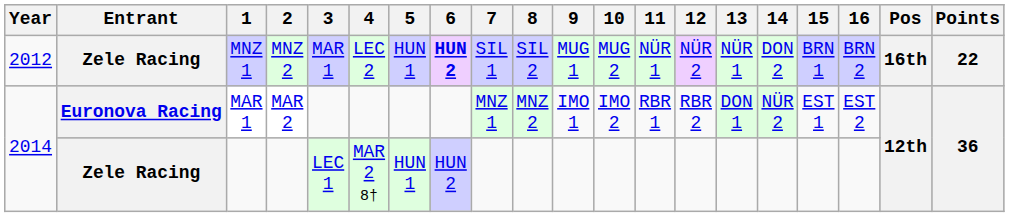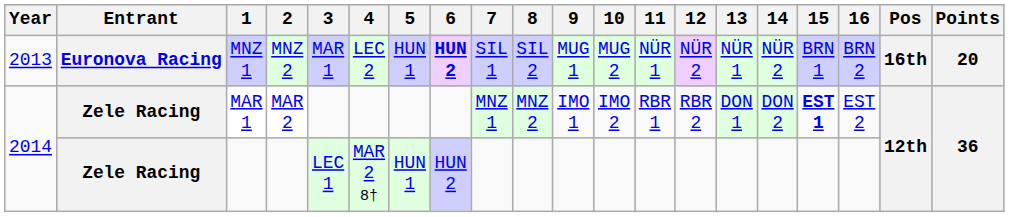 <table class="wikitable" style="text-align:center; font-size:90%">
 <tr>
 <th>Year</th>
 <th>Entrant</th>
 <th>1</th>
 <th>2</th>
 <th>3</th>
 <th>4</th>
 <th>5</th>
 <th>6</th>
 <th>7</th>
 <th>8</th>
 <th>9</th>
 <th>10</th>
 <th>11</th>
 <th>12</th>
 <th>13</th>
 <th>14</th>
 <th>15</th>
 <th>16</th>
 <th>Pos</th>
 <th>Points</th>
 </tr>
 <tr>
-<td><a href='#'>2012</a></td>
-<th>Zele Racing</th>
+<td><a href='#'>2013</a></td>
+<th><a href='#'>Euronova Racing</a></th>
 <td style="background:#CFCFFF;"><a href='#'>MNZ<br>1</a><br></td>
 <td style="background:#DFFFDF;"><a href='#'>MNZ<br>2</a><br></td>
 <td style="background:#CFCFFF;"><a href='#'>MAR<br>1</a><br></td>
 <td style="background:#DFFFDF;"><a href='#'>LEC<br>2</a><br></td>
 <td style="background:#CFCFFF;"><a href='#'>HUN<br>1</a><br></td>
 <td style="background:#EFCFFF;"><strong><a href='#'>HUN<br>2</a><br></strong></td>
 <td style="background:#CFCFFF;"><a href='#'>SIL<br>1</a><br></td>
 <td style="background:#CFCFFF;"><a href='#'>SIL<br>2</a><br></td>
 <td style="background:#DFFFDF;"><a href='#'>MUG<br>1</a><br></td>
 <td style="background:#DFFFDF;"><a href='#'>MUG<br>2</a><br></td>
 <td style="background:#DFFFDF;"><a href='#'>NÜR<br>1</a><br></td>
 <td style="background:#EFCFFF;"><a href='#'>NÜR<br>2</a><br></td>
 <td style="background:#DFFFDF;"><a href='#'>NÜR<br>1</a><br></td>
-<td style="background:#DFFFDF;"><a href='#'>DON<br>2</a><br></td>
+<td style="background:#DFFFDF;"><a href='#'>NÜR<br>2</a><br></td>
 <td style="background:#CFCFFF;"><a href='#'>BRN<br>1</a><br></td>
 <td style="background:#CFCFFF;"><a href='#'>BRN<br>2</a><br></td>
 <th>16th</th>
-<th>22</th>
+<th>20</th>
 </tr>
 <tr>
 <td rowspan=2><a href='#'>2014</a></td>
-<th><a href='#'>Euronova Racing</a></th>
+<th>Zele Racing</th>
 <td style="background:#FFFFFF;"><a href='#'>MAR<br>1</a><br></td>
 <td style="background:#FFFFFF;"><a href='#'>MAR<br>2</a><br></td>
 <td></td>
 <td></td>
 <td></td>
 <td></td>
 <td style="background:#DFFFDF;"><a href='#'>MNZ<br>1</a><br></td>
 <td style="background:#DFFFDF;"><a href='#'>MNZ<br>2</a><br></td>
 <td><a href='#'>IMO<br>1</a></td>
 <td><a href='#'>IMO<br>2</a></td>
 <td><a href='#'>RBR<br>1</a></td>
 <td><a href='#'>RBR<br>2</a></td>
 <td style="background:#DFFFDF;"><a href='#'>DON<br>1</a><br></td>
-<td style="background:#DFFFDF;"><a href='#'>NÜR<br>2</a><br></td>
-<td><a href='#'>EST<br>1</a></td>
+<td style="background:#DFFFDF;"><a href='#'>DON<br>2</a><br></td>
+<td><strong><a href='#'>EST<br>1</a></strong></td>
 <td><a href='#'>EST<br>2</a></td>
 <th rowspan=2>12th</th>
 <th rowspan=2>36</th>
 </tr>
 <tr>
 <th>Zele Racing</th>
 <td></td>
 <td></td>
 <td style="background:#DFFFDF;"><a href='#'>LEC<br>1</a><br></td>
 <td style="background:#DFFFDF;"><a href='#'>MAR<br>2</a><br><small>8†</small></td>
 <td style="background:#DFFFDF;"><a href='#'>HUN<br>1</a><br></td>
 <td style="background:#CFCFFF;"><a href='#'>HUN<br>2</a><br></td>
 <td></td>
 <td></td>
 <td></td>
 <td></td>
 <td></td>
 <td></td>
 <td></td>
 <td></td>
 <td></td>
 <td></td>
 </tr>
 </table>
